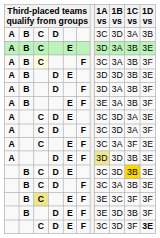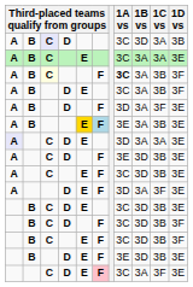 <table class="wikitable" style="text-align:center; font-size:85%">
 <tr>
 <th colspan="6">Third-placed teams<br>qualify from groups</th>
 <th rowspan="16"></th>
 <th>1A<br>vs</th>
 <th>1B<br>vs</th>
 <th>1C<br>vs</th>
 <th>1D<br>vs</th>
 </tr>
 <tr>
 <td><strong>A</strong></td>
 <td><strong>B</strong></td>
-<td><strong>C</strong></td>
+<td style="background: lavender;"><strong>C</strong></td>
 <td><strong>D</strong></td>
 <td></td>
 <td></td>
 <td>3C</td>
 <td>3D</td>
 <td>3A</td>
 <td>3B</td>
 </tr>
 <tr style="background:#BBF3BB">
 <td><strong>A</strong></td>
 <td><strong>B</strong></td>
 <td><strong>C</strong></td>
 <td></td>
 <td><strong>E</strong></td>
 <td></td>
-<td>3D</td>
+<td>3C</td>
 <td>3A</td>
-<td>3B</td>
+<td>3A</td>
 <td>3E</td>
 </tr>
 <tr>
 <td><strong>A</strong></td>
 <td><strong>B</strong></td>
 <td style="background: lightyellow;"><strong>C</strong></td>
 <td></td>
 <td></td>
 <td><strong>F</strong></td>
-<td>3C</td>
+<td><strong>3C</strong></td>
 <td>3A</td>
 <td>3B</td>
 <td>3F</td>
 </tr>
 <tr>
 <td><strong>A</strong></td>
 <td><strong>B</strong></td>
 <td></td>
 <td><strong>D</strong></td>
 <td><strong>E</strong></td>
 <td></td>
-<td>3D</td>
-<td>3D</td>
+<td>3C</td>
+<td>3A</td>
 <td>3B</td>
-<td>3E</td>
+<td>3F</td>
 </tr>
 <tr>
 <td><strong>A</strong></td>
 <td><strong>B</strong></td>
 <td></td>
 <td><strong>D</strong></td>
 <td></td>
 <td><strong>F</strong></td>
 <td>3D</td>
 <td>3A</td>
-<td>3B</td>
 <td>3F</td>
+<td>3E</td>
 </tr>
 <tr>
 <td><strong>A</strong></td>
 <td><strong>B</strong></td>
 <td></td>
 <td></td>
-<td><strong>E</strong></td>
-<td><strong>F</strong></td>
+<td style="background: gold;"><strong>E</strong></td>
+<td style="background: lightblue;"><strong>F</strong></td>
 <td>3E</td>
 <td>3A</td>
 <td>3B</td>
-<td>3F</td>
+<td>3E</td>
 </tr>
 <tr>
-<td><strong>A</strong></td>
+<td style="background: lavender;"><strong>A</strong></td>
 <td></td>
 <td><strong>C</strong></td>
 <td><strong>D</strong></td>
 <td><strong>E</strong></td>
 <td></td>
-<td>3C</td>
 <td>3D</td>
+<td>3A</td>
 <td>3A</td>
 <td>3E</td>
 </tr>
 <tr>
 <td><strong>A</strong></td>
 <td></td>
 <td><strong>C</strong></td>
 <td><strong>D</strong></td>
 <td></td>
 <td><strong>F</strong></td>
-<td>3C</td>
+<td>3E</td>
 <td>3D</td>
-<td>3A</td>
-<td>3F</td>
+<td>3B</td>
+<td>3E</td>
 </tr>
 <tr>
 <td><strong>A</strong></td>
 <td></td>
 <td><strong>C</strong></td>
 <td></td>
 <td><strong>E</strong></td>
 <td><strong>F</strong></td>
 <td>3C</td>
-<td>3A</td>
-<td>3F</td>
+<td>3D</td>
+<td>3B</td>
 <td>3E</td>
 </tr>
 <tr>
 <td><strong>A</strong></td>
 <td></td>
 <td></td>
 <td><strong>D</strong></td>
 <td><strong>E</strong></td>
 <td><strong>F</strong></td>
-<td style="background: khaki;">3D</td>
 <td>3D</td>
-<td>3B</td>
+<td>3A</td>
+<td>3F</td>
 <td>3E</td>
 </tr>
 <tr>
 <td></td>
 <td><strong>B</strong></td>
 <td><strong>C</strong></td>
 <td><strong>D</strong></td>
 <td><strong>E</strong></td>
 <td></td>
 <td>3C</td>
 <td>3D</td>
-<td style="background: gold;">3B</td>
+<td>3B</td>
 <td>3E</td>
 </tr>
 <tr>
 <td></td>
 <td><strong>B</strong></td>
 <td><strong>C</strong></td>
 <td><strong>D</strong></td>
 <td></td>
 <td><strong>F</strong></td>
 <td>3C</td>
-<td>3A</td>
+<td>3D</td>
 <td>3B</td>
-<td>3E</td>
+<td>3F</td>
 </tr>
 <tr>
 <td></td>
 <td><strong>B</strong></td>
-<td style="background: khaki;"><strong>C</strong></td>
+<td><strong>C</strong></td>
 <td></td>
 <td><strong>E</strong></td>
 <td><strong>F</strong></td>
-<td>3E</td>
 <td>3C</td>
-<td>3F</td>
+<td>3D</td>
+<td>3B</td>
 <td>3F</td>
 </tr>
 <tr>
 <td></td>
 <td><strong>B</strong></td>
 <td></td>
 <td><strong>D</strong></td>
 <td><strong>E</strong></td>
 <td><strong>F</strong></td>
 <td>3E</td>
 <td>3D</td>
 <td>3B</td>
-<td>3F</td>
+<td>3E</td>
 </tr>
 <tr>
 <td></td>
 <td></td>
 <td><strong>C</strong></td>
 <td><strong>D</strong></td>
 <td><strong>E</strong></td>
-<td><strong>F</strong></td>
+<td style="background: pink;"><strong>F</strong></td>
 <td>3C</td>
-<td>3D</td>
+<td>3A</td>
 <td>3F</td>
-<td><strong>3E</strong></td>
+<td>3E</td>
 </tr>
 </table>
